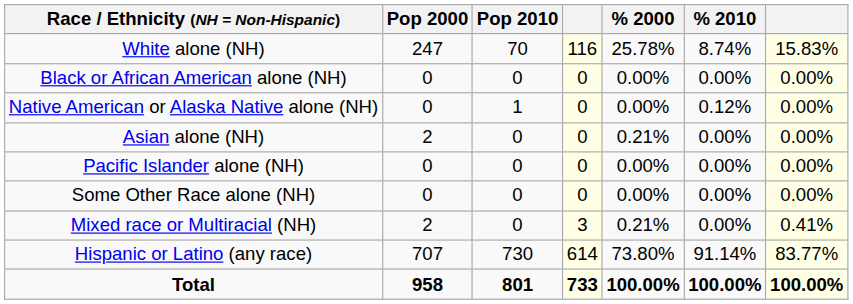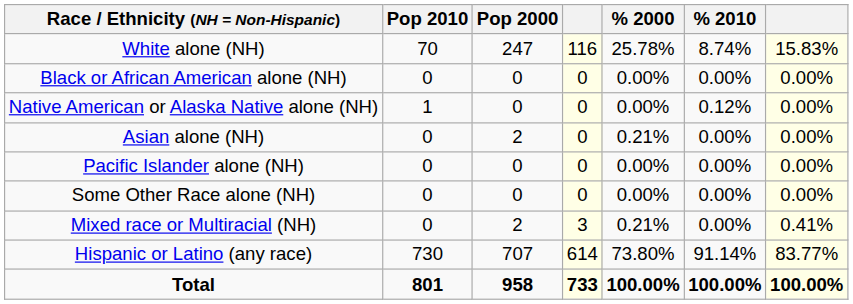 <table class="wikitable" style="text-align:center;">
 <tr>
 <th>Race / Ethnicity <small>(<em>NH = Non-Hispanic</em>)</small></th>
+<th>Pop 2010</th>
 <th>Pop 2000</th>
-<th>Pop 2010</th>
 <th></th>
 <th>% 2000</th>
 <th>% 2010</th>
 <th></th>
 </tr>
 <tr>
 <td><a href='#'>White</a> alone (NH)</td>
+<td>70</td>
 <td>247</td>
-<td>70</td>
 <td style='background: #ffffe6;'>116</td>
 <td>25.78%</td>
 <td>8.74%</td>
 <td style='background: #ffffe6;'>15.83%</td>
 </tr>
 <tr>
 <td><a href='#'>Black or African American</a> alone (NH)</td>
 <td>0</td>
 <td>0</td>
 <td style='background: #ffffe6;'>0</td>
 <td>0.00%</td>
 <td>0.00%</td>
 <td style='background: #ffffe6;'>0.00%</td>
 </tr>
 <tr>
 <td><a href='#'>Native American</a> or <a href='#'>Alaska Native</a> alone (NH)</td>
+<td>1</td>
 <td>0</td>
-<td>1</td>
 <td style='background: #ffffe6;'>0</td>
 <td>0.00%</td>
 <td>0.12%</td>
 <td style='background: #ffffe6;'>0.00%</td>
 </tr>
 <tr>
 <td><a href='#'>Asian</a> alone (NH)</td>
+<td>0</td>
 <td>2</td>
-<td>0</td>
 <td style='background: #ffffe6;'>0</td>
 <td>0.21%</td>
 <td>0.00%</td>
 <td style='background: #ffffe6;'>0.00%</td>
 </tr>
 <tr>
 <td><a href='#'>Pacific Islander</a> alone (NH)</td>
 <td>0</td>
 <td>0</td>
 <td style='background: #ffffe6;'>0</td>
 <td>0.00%</td>
 <td>0.00%</td>
 <td style='background: #ffffe6;'>0.00%</td>
 </tr>
 <tr>
 <td>Some Other Race alone (NH)</td>
 <td>0</td>
 <td>0</td>
 <td style='background: #ffffe6;'>0</td>
 <td>0.00%</td>
 <td>0.00%</td>
 <td style='background: #ffffe6;'>0.00%</td>
 </tr>
 <tr>
 <td><a href='#'>Mixed race or Multiracial</a> (NH)</td>
+<td>0</td>
 <td>2</td>
-<td>0</td>
 <td style='background: #ffffe6;'>3</td>
 <td>0.21%</td>
 <td>0.00%</td>
 <td style='background: #ffffe6;'>0.41%</td>
 </tr>
 <tr>
 <td><a href='#'>Hispanic or Latino</a> (any race)</td>
+<td>730</td>
 <td>707</td>
-<td>730</td>
 <td style='background: #ffffe6;'>614</td>
 <td>73.80%</td>
 <td>91.14%</td>
 <td style='background: #ffffe6;'>83.77%</td>
 </tr>
 <tr>
 <td><strong>Total</strong></td>
+<td><strong>801</strong></td>
 <td><strong>958</strong></td>
-<td><strong>801</strong></td>
 <td style='background: #ffffe6;'><strong>733</strong></td>
 <td><strong>100.00%</strong></td>
 <td><strong>100.00%</strong></td>
 <td style='background: #ffffe6;'><strong>100.00%</strong></td>
 </tr>
 </table>
